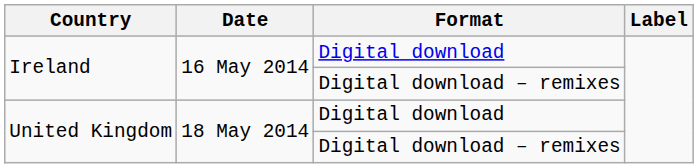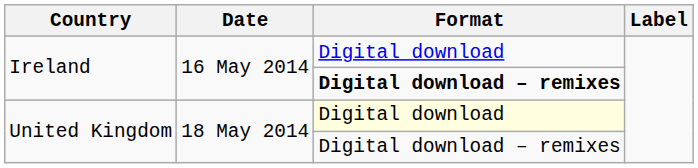 <table class="wikitable plainrowheaders">
 <tr>
 <th>Country</th>
 <th>Date</th>
 <th>Format </th>
 <th>Label</th>
 </tr>
 <tr>
 <td rowspan="2">Ireland</td>
 <td rowspan="2">16 May 2014</td>
 <td><a href='#'>Digital download</a></td>
 <td rowspan="4"></td>
 </tr>
 <tr>
-<td>Digital download – remixes</td>
+<td><strong>Digital download – remixes</strong></td>
 </tr>
 <tr>
 <td rowspan="2">United Kingdom</td>
 <td rowspan="2">18 May 2014</td>
-<td>Digital download</td>
+<td style="background: lightyellow;">Digital download</td>
 </tr>
 <tr>
 <td>Digital download – remixes</td>
 </tr>
 </table>
